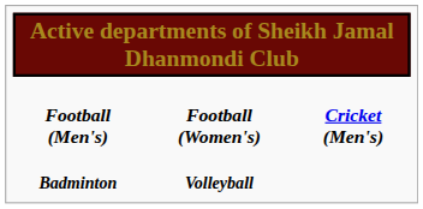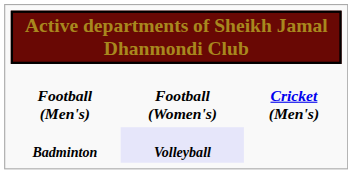 <table class="infobox" style="font-size: 88%; width: 22em; text-align: center">
 <tr>
 <th colspan=3 style="font-size: 125%; background-color:#690804; color:#a8881e; border:2px solid black">Active departments of Sheikh Jamal Dhanmondi Club</th>
 </tr>
 <tr style="text-align: center">
 <td><br><strong><em>Football (Men's)</em></strong></td>
 <td><br><strong><em>Football (Women's)</em></strong></td>
 <td><br><strong><em><a href='#'>Cricket</a> (Men's)</em></strong></td>
 </tr>
 <tr style="font-size: 90%; text-align: center">
 <td><br><strong><em>Badminton</em></strong></td>
-<td><br><strong><em>Volleyball</em></strong></td>
+<td style="background: lavender;"><br><strong><em>Volleyball</em></strong></td>
 </tr>
 </table>
